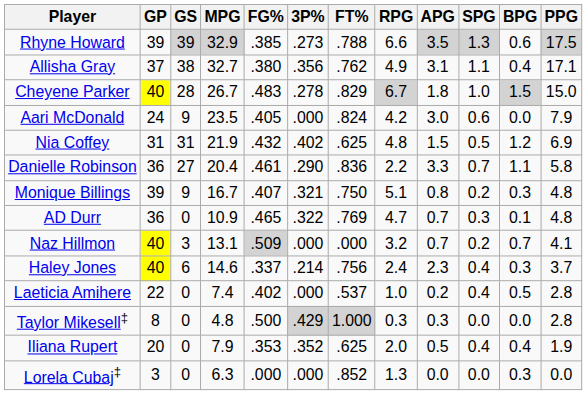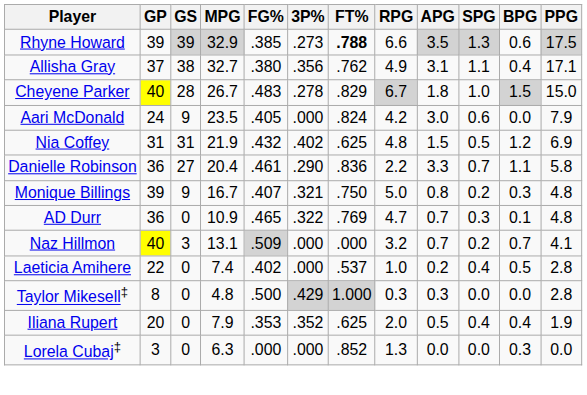 <table class="wikitable sortable" style="text-align:center;">
 <tr>
 <th>Player</th>
 <th>GP</th>
 <th>GS</th>
 <th>MPG</th>
 <th>FG%</th>
 <th>3P%</th>
 <th>FT%</th>
 <th>RPG</th>
 <th>APG</th>
 <th>SPG</th>
 <th>BPG</th>
 <th>PPG</th>
 </tr>
 <tr>
 <td><a href='#'>Rhyne Howard</a></td>
 <td>39</td>
 <td style="background:#D3D3D3;">39</td>
 <td style="background:#D3D3D3;">32.9</td>
 <td>.385</td>
 <td>.273</td>
-<td>.788</td>
+<td><strong>.788</strong></td>
 <td>6.6</td>
 <td style="background:#D3D3D3;">3.5</td>
 <td style="background:#D3D3D3;">1.3</td>
 <td>0.6</td>
 <td style="background:#D3D3D3;">17.5</td>
 </tr>
 <tr>
 <td><a href='#'>Allisha Gray</a></td>
 <td>37</td>
 <td>38</td>
 <td>32.7</td>
 <td>.380</td>
 <td>.356</td>
 <td>.762</td>
 <td>4.9</td>
 <td>3.1</td>
 <td>1.1</td>
 <td>0.4</td>
 <td>17.1</td>
 </tr>
 <tr>
 <td><a href='#'>Cheyene Parker</a></td>
 <td style="background:yellow;">40</td>
 <td>28</td>
 <td>26.7</td>
 <td>.483</td>
 <td>.278</td>
 <td>.829</td>
 <td style="background:#D3D3D3;">6.7</td>
 <td>1.8</td>
 <td>1.0</td>
 <td style="background:#D3D3D3;">1.5</td>
 <td>15.0</td>
 </tr>
 <tr>
 <td><a href='#'>Aari McDonald</a></td>
 <td>24</td>
 <td>9</td>
 <td>23.5</td>
 <td>.405</td>
 <td>.000</td>
 <td>.824</td>
 <td>4.2</td>
 <td>3.0</td>
 <td>0.6</td>
 <td>0.0</td>
 <td>7.9</td>
 </tr>
 <tr>
 <td><a href='#'>Nia Coffey</a></td>
 <td>31</td>
 <td>31</td>
 <td>21.9</td>
 <td>.432</td>
 <td>.402</td>
 <td>.625</td>
 <td>4.8</td>
 <td>1.5</td>
 <td>0.5</td>
 <td>1.2</td>
 <td>6.9</td>
 </tr>
 <tr>
 <td><a href='#'>Danielle Robinson</a></td>
 <td>36</td>
 <td>27</td>
 <td>20.4</td>
 <td>.461</td>
 <td>.290</td>
 <td>.836</td>
 <td>2.2</td>
 <td>3.3</td>
 <td>0.7</td>
 <td>1.1</td>
 <td>5.8</td>
 </tr>
 <tr>
 <td><a href='#'>Monique Billings</a></td>
 <td>39</td>
 <td>9</td>
 <td>16.7</td>
 <td>.407</td>
 <td>.321</td>
 <td>.750</td>
-<td>5.1</td>
+<td>5.0</td>
 <td>0.8</td>
 <td>0.2</td>
 <td>0.3</td>
 <td>4.8</td>
 </tr>
 <tr>
 <td><a href='#'>AD Durr</a></td>
 <td>36</td>
 <td>0</td>
 <td>10.9</td>
 <td>.465</td>
 <td>.322</td>
 <td>.769</td>
 <td>4.7</td>
 <td>0.7</td>
 <td>0.3</td>
 <td>0.1</td>
 <td>4.8</td>
 </tr>
 <tr>
 <td><a href='#'>Naz Hillmon</a></td>
 <td style="background:yellow;">40</td>
 <td>3</td>
 <td>13.1</td>
 <td style="background:#D3D3D3;">.509</td>
 <td>.000</td>
 <td>.000</td>
 <td>3.2</td>
 <td>0.7</td>
 <td>0.2</td>
 <td>0.7</td>
 <td>4.1</td>
-</tr>
-<tr>
-<td><a href='#'>Haley Jones</a></td>
-<td style="background:yellow;">40</td>
-<td>6</td>
-<td>14.6</td>
-<td>.337</td>
-<td>.214</td>
-<td>.756</td>
-<td>2.4</td>
-<td>2.3</td>
-<td>0.4</td>
-<td>0.3</td>
-<td>3.7</td>
 </tr>
 <tr>
 <td><a href='#'>Laeticia Amihere</a></td>
 <td>22</td>
 <td>0</td>
 <td>7.4</td>
 <td>.402</td>
 <td>.000</td>
 <td>.537</td>
 <td>1.0</td>
 <td>0.2</td>
 <td>0.4</td>
 <td>0.5</td>
 <td>2.8</td>
 </tr>
 <tr>
 <td><a href='#'>Taylor Mikesell</a><sup>‡</sup></td>
 <td>8</td>
 <td>0</td>
 <td>4.8</td>
 <td>.500</td>
 <td style="background:#D3D3D3;">.429</td>
 <td style="background:#D3D3D3;">1.000</td>
 <td>0.3</td>
 <td>0.3</td>
 <td>0.0</td>
 <td>0.0</td>
 <td>2.8</td>
 </tr>
 <tr>
 <td><a href='#'>Iliana Rupert</a></td>
 <td>20</td>
 <td>0</td>
 <td>7.9</td>
 <td>.353</td>
 <td>.352</td>
 <td>.625</td>
 <td>2.0</td>
 <td>0.5</td>
 <td>0.4</td>
 <td>0.4</td>
 <td>1.9</td>
 </tr>
 <tr>
 <td><a href='#'>Lorela Cubaj</a><sup>‡</sup></td>
 <td>3</td>
 <td>0</td>
 <td>6.3</td>
 <td>.000</td>
 <td>.000</td>
 <td>.852</td>
 <td>1.3</td>
 <td>0.0</td>
 <td>0.0</td>
 <td>0.3</td>
 <td>0.0</td>
 </tr>
 </table>
